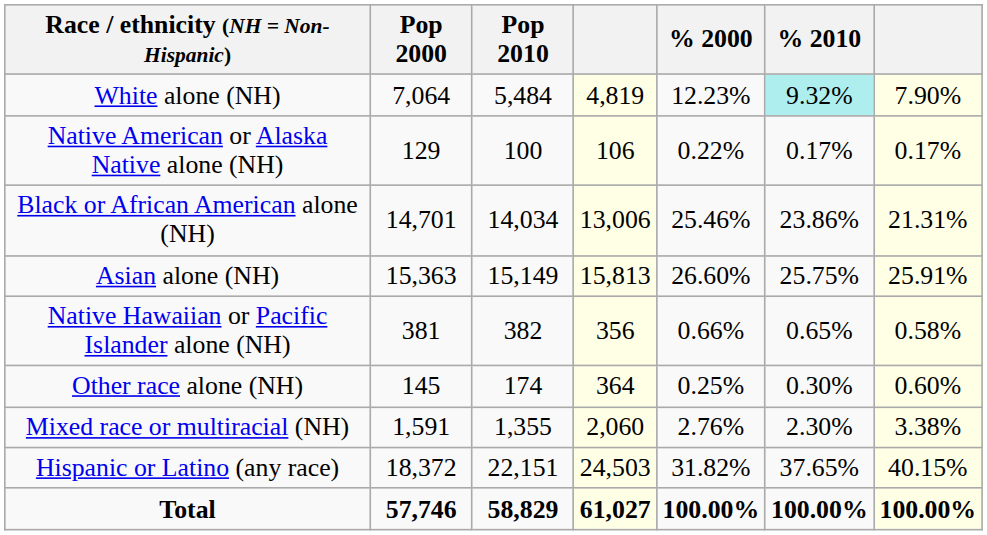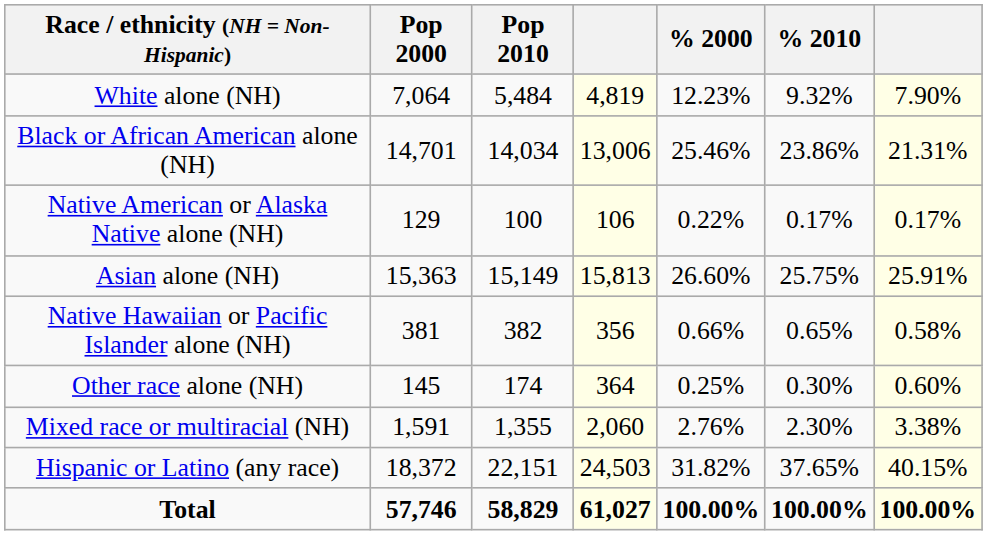 <table class="wikitable" style="text-align:center;">
 <tr>
 <th>Race / ethnicity <small>(<em>NH = Non-Hispanic</em>)</small></th>
 <th>Pop 2000</th>
 <th>Pop 2010</th>
 <th></th>
 <th>% 2000</th>
 <th>% 2010</th>
 <th></th>
 </tr>
 <tr>
 <td><a href='#'>White</a> alone (NH)</td>
 <td>7,064</td>
 <td>5,484</td>
 <td style='background: #ffffe6;'>4,819</td>
 <td>12.23%</td>
-<td style="background: paleturquoise;">9.32%</td>
+<td>9.32%</td>
 <td style='background: #ffffe6;'>7.90%</td>
+</tr>
+<tr>
+<td><a href='#'>Black or African American</a> alone (NH)</td>
+<td>14,701</td>
+<td>14,034</td>
+<td style='background: #ffffe6;'>13,006</td>
+<td>25.46%</td>
+<td>23.86%</td>
+<td style='background: #ffffe6;'>21.31%</td>
 </tr>
 <tr>
 <td><a href='#'>Native American</a> or <a href='#'>Alaska Native</a> alone (NH)</td>
 <td>129</td>
 <td>100</td>
 <td style='background: #ffffe6;'>106</td>
 <td>0.22%</td>
 <td>0.17%</td>
 <td style='background: #ffffe6;'>0.17%</td>
-</tr>
-<tr>
-<td><a href='#'>Black or African American</a> alone (NH)</td>
-<td>14,701</td>
-<td>14,034</td>
-<td style='background: #ffffe6;'>13,006</td>
-<td>25.46%</td>
-<td>23.86%</td>
-<td style='background: #ffffe6;'>21.31%</td>
 </tr>
 <tr>
 <td><a href='#'>Asian</a> alone (NH)</td>
 <td>15,363</td>
 <td>15,149</td>
 <td style='background: #ffffe6;'>15,813</td>
 <td>26.60%</td>
 <td>25.75%</td>
 <td style='background: #ffffe6;'>25.91%</td>
 </tr>
 <tr>
 <td><a href='#'>Native Hawaiian</a> or <a href='#'>Pacific Islander</a> alone (NH)</td>
 <td>381</td>
 <td>382</td>
 <td style='background: #ffffe6;'>356</td>
 <td>0.66%</td>
 <td>0.65%</td>
 <td style='background: #ffffe6;'>0.58%</td>
 </tr>
 <tr>
 <td><a href='#'>Other race</a> alone (NH)</td>
 <td>145</td>
 <td>174</td>
 <td style='background: #ffffe6;'>364</td>
 <td>0.25%</td>
 <td>0.30%</td>
 <td style='background: #ffffe6;'>0.60%</td>
 </tr>
 <tr>
 <td><a href='#'>Mixed race or multiracial</a> (NH)</td>
 <td>1,591</td>
 <td>1,355</td>
 <td style='background: #ffffe6;'>2,060</td>
 <td>2.76%</td>
 <td>2.30%</td>
 <td style='background: #ffffe6;'>3.38%</td>
 </tr>
 <tr>
 <td><a href='#'>Hispanic or Latino</a> (any race)</td>
 <td>18,372</td>
 <td>22,151</td>
 <td style='background: #ffffe6;'>24,503</td>
 <td>31.82%</td>
 <td>37.65%</td>
 <td style='background: #ffffe6;'>40.15%</td>
 </tr>
 <tr>
 <td><strong>Total</strong></td>
 <td><strong>57,746</strong></td>
 <td><strong>58,829</strong></td>
 <td style='background: #ffffe6;'><strong>61,027</strong></td>
 <td><strong>100.00%</strong></td>
 <td><strong>100.00%</strong></td>
 <td style='background: #ffffe6;'><strong>100.00%</strong></td>
 </tr>
 </table>
